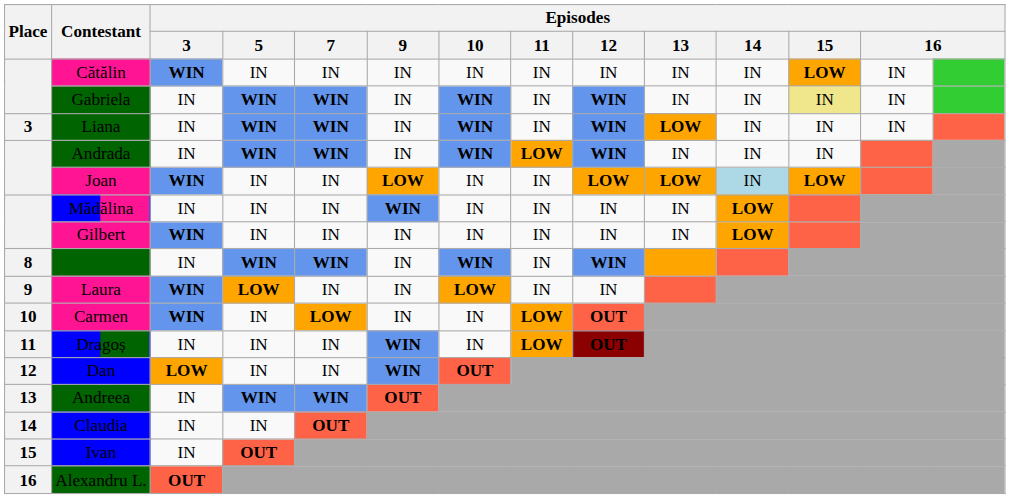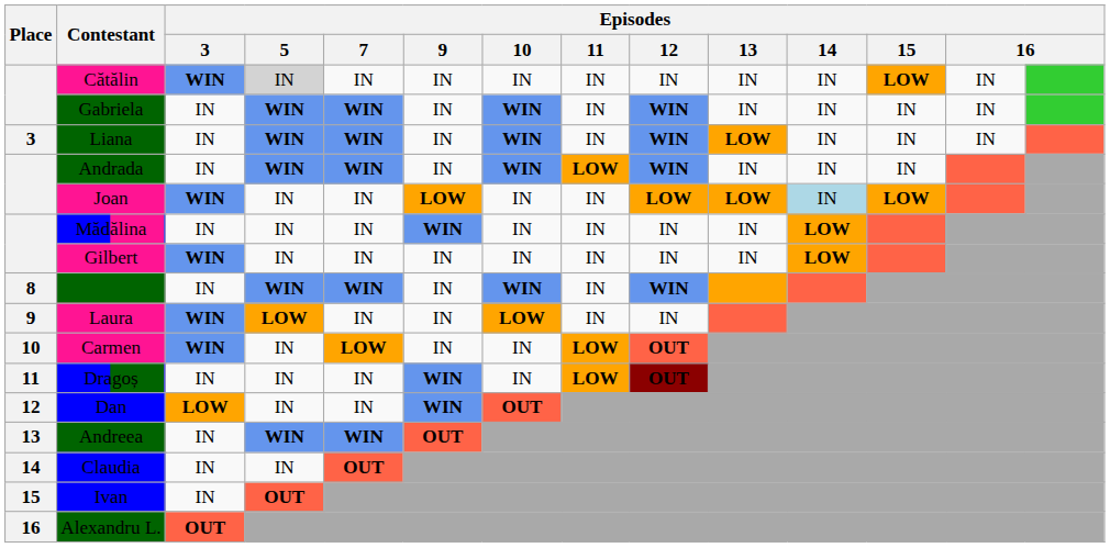 <table class="wikitable" style="text-align:center;">
 <tr>
 <th rowspan=2>Place</th>
 <th colspan="2" rowspan=2>Contestant</th>
 <th colspan=16>Episodes</th>
 </tr>
 <tr>
 <th style="width:50px;">3</th>
 <th style="width:50px;">5</th>
 <th style="width:50px;">7</th>
 <th style="width:50px;">9</th>
 <th style="width:50px;">10</th>
 <th style="width:50px;">11</th>
 <th style="width:50px;">12</th>
 <th style="width:50px;">13</th>
 <th style="width:50px;">14</th>
 <th style="width:50px;">15</th>
 <th style="width:50px;" colspan=2>16</th>
 </tr>
 <tr>
 <th rowspan="2"></th>
 <td colspan="2"   style="background:deeppink;"><span>Cătălin</span></td>
 <td style="background:cornflowerblue;"><strong>WIN</strong></td>
-<td>IN</td>
+<td style="background: lightgrey;">IN</td>
 <td>IN</td>
 <td>IN</td>
 <td>IN</td>
 <td>IN</td>
 <td>IN</td>
 <td>IN</td>
 <td>IN</td>
 <td style="background:orange;"><strong>LOW</strong></td>
 <td>IN</td>
 <td style="background:limegreen;"></td>
 </tr>
 <tr>
 <td colspan="2" style="background:darkgreen;"><span>Gabriela</span></td>
 <td>IN</td>
 <td style="background:cornflowerblue;"><strong>WIN</strong></td>
 <td style="background:cornflowerblue;"><strong>WIN</strong></td>
 <td>IN</td>
 <td style="background:cornflowerblue;"><strong>WIN</strong></td>
 <td>IN</td>
 <td style="background:cornflowerblue;"><strong>WIN</strong></td>
 <td>IN</td>
 <td>IN</td>
-<td style="background: khaki;">IN</td>
+<td>IN</td>
 <td>IN</td>
 <td style="background:limegreen;"></td>
 </tr>
 <tr>
 <th>3</th>
 <td colspan="2" style="background:darkgreen;"><span>Liana</span></td>
 <td>IN</td>
 <td style="background:cornflowerblue;"><strong>WIN</strong></td>
 <td style="background:cornflowerblue;"><strong>WIN</strong></td>
 <td>IN</td>
 <td style="background:cornflowerblue;"><strong>WIN</strong></td>
 <td>IN</td>
 <td style="background:cornflowerblue;"><strong>WIN</strong></td>
 <td style="background:orange;"><strong>LOW</strong></td>
 <td>IN</td>
 <td>IN</td>
 <td>IN</td>
 <td width="60" style="background:tomato;"></td>
 </tr>
 <tr>
 <th rowspan="2"></th>
 <td colspan="2"  style="background:darkgreen;"><span>Andrada</span></td>
 <td>IN</td>
 <td style="background:cornflowerblue;"><strong>WIN</strong></td>
 <td style="background:cornflowerblue;"><strong>WIN</strong></td>
 <td>IN</td>
 <td style="background:cornflowerblue;"><strong>WIN</strong></td>
 <td style="background:orange;"><strong>LOW</strong></td>
 <td style="background:cornflowerblue;"><strong>WIN</strong></td>
 <td>IN</td>
 <td>IN</td>
 <td>IN</td>
 <td width="60" style="background:tomato;"></td>
 <td style="background:darkgrey;" colspan="16"></td>
 </tr>
 <tr>
 <td colspan="2" style="background:deeppink;"><span>Joan</span></td>
 <td style="background:cornflowerblue;"><strong>WIN</strong></td>
 <td>IN</td>
 <td>IN</td>
 <td style="background:orange;"><strong>LOW</strong></td>
 <td>IN</td>
 <td>IN</td>
 <td style="background:orange;"><strong>LOW</strong></td>
 <td style="background:orange;"><strong>LOW</strong></td>
 <td style="background: lightblue;">IN</td>
 <td style="background:orange;"><strong>LOW</strong></td>
 <td width="60" style="background:tomato;"></td>
 <td style="background:darkgrey;" colspan="16"></td>
 </tr>
 <tr>
 <th rowspan="2"></th>
 <td colspan="2"  style="background:linear-gradient(to right, blue 50%, deeppink 50%);"><span>Mădălina</span></td>
 <td>IN</td>
 <td>IN</td>
 <td>IN</td>
 <td style="background:cornflowerblue;"><strong>WIN</strong></td>
 <td>IN</td>
 <td>IN</td>
 <td>IN</td>
 <td>IN</td>
 <td style="background:orange;"><strong>LOW</strong></td>
 <td width="60" style="background:tomato;"></td>
 <td style="background:darkgrey;" colspan="16"></td>
 </tr>
 <tr>
 <td colspan="2"  style="background:deeppink;"><span>Gilbert</span></td>
 <td style="background:cornflowerblue;"><strong>WIN</strong></td>
 <td>IN</td>
 <td>IN</td>
 <td>IN</td>
 <td>IN</td>
 <td>IN</td>
 <td>IN</td>
 <td>IN</td>
 <td style="background:orange;"><strong>LOW</strong></td>
 <td width="60" style="background:tomato;"></td>
 <td style="background:darkgrey;" colspan="16"></td>
 </tr>
 <tr>
 <th>8</th>
 <td colspan="2" style="background:darkgreen;"><span></span></td>
 <td>IN</td>
 <td style="background:cornflowerblue;"><strong>WIN</strong></td>
 <td style="background:cornflowerblue;"><strong>WIN</strong></td>
 <td>IN</td>
 <td style="background:cornflowerblue;"><strong>WIN</strong></td>
 <td>IN</td>
 <td style="background:cornflowerblue;"><strong>WIN</strong></td>
 <td style="background:orange;"></td>
 <td width="60" style="background:tomato;"></td>
 <td style="background:darkgrey;" colspan="16"></td>
 </tr>
 <tr>
 <th>9</th>
 <td colspan="2" style="background:deeppink;"><span>Laura</span></td>
 <td style="background:cornflowerblue;"><strong>WIN</strong></td>
 <td style="background:orange;"><strong>LOW</strong></td>
 <td>IN</td>
 <td>IN</td>
 <td style="background:orange;"><strong>LOW</strong></td>
 <td>IN</td>
 <td>IN</td>
 <td width="60" style="background:tomato;"></td>
 <td style="background:darkgrey;" colspan="16"></td>
 </tr>
 <tr>
 <th>10</th>
 <td colspan="2"  style="background:deeppink;"><span>Carmen</span></td>
 <td style="background:cornflowerblue;"><strong>WIN</strong></td>
 <td>IN</td>
 <td style="background:orange;"><strong>LOW</strong></td>
 <td>IN</td>
 <td>IN</td>
 <td style="background:orange;"><strong>LOW</strong></td>
 <td width="60" style="background:tomato;"><strong>OUT</strong></td>
 <td style="background:darkgrey;" colspan="16"></td>
 </tr>
 <tr>
 <th>11</th>
 <td colspan="2"  style="background:linear-gradient(to right, blue 50%, darkgreen 50%);"><span>Dragoș</span></td>
 <td>IN</td>
 <td>IN</td>
 <td>IN</td>
 <td style="background:cornflowerblue;"><strong>WIN</strong></td>
 <td>IN</td>
 <td style="background:orange;"><strong>LOW</strong></td>
 <td width="60" style="background:darkred;"><span><strong>OUT</strong></span></td>
 <td style="background:darkgrey;" colspan="16"></td>
 </tr>
 <tr>
 <th>12</th>
 <td colspan="2" style="background:blue;"><span>Dan</span></td>
 <td style="background:orange;"><strong>LOW</strong></td>
 <td>IN</td>
 <td>IN</td>
 <td style="background:cornflowerblue;"><strong>WIN</strong></td>
 <td width="60" style="background:tomato;"><strong>OUT</strong></td>
 <td style="background:darkgrey;" colspan="16"></td>
 </tr>
 <tr>
 <th>13</th>
 <td colspan="2" style="background:darkgreen;"><span>Andreea</span></td>
 <td>IN</td>
 <td style="background:cornflowerblue;"><strong>WIN</strong></td>
 <td style="background:cornflowerblue;"><strong>WIN</strong></td>
 <td width="60" style="background:tomato;"><strong>OUT</strong></td>
 <td style="background:darkgrey;" colspan="16"></td>
 </tr>
 <tr>
 <th>14</th>
 <td colspan="2" style="background:blue;"><span>Claudia</span></td>
 <td>IN</td>
 <td>IN</td>
 <td width="60" style="background:tomato;"><strong>OUT</strong></td>
 <td style="background:darkgrey;" colspan="16"></td>
 </tr>
 <tr>
 <th>15</th>
 <td colspan="2" style="background:blue;"><span>Ivan</span></td>
 <td>IN</td>
 <td width="60" style="background:tomato;"><strong>OUT</strong></td>
 <td style="background:darkgrey;" colspan="16"></td>
 </tr>
 <tr>
 <th>16</th>
 <td colspan="2"  style="background:darkgreen;"><span>Alexandru L.</span></td>
 <td width="60" style="background:tomato;"><strong>OUT</strong></td>
 <td style="background:darkgrey;" colspan="16"></td>
 </tr>
 </table>
